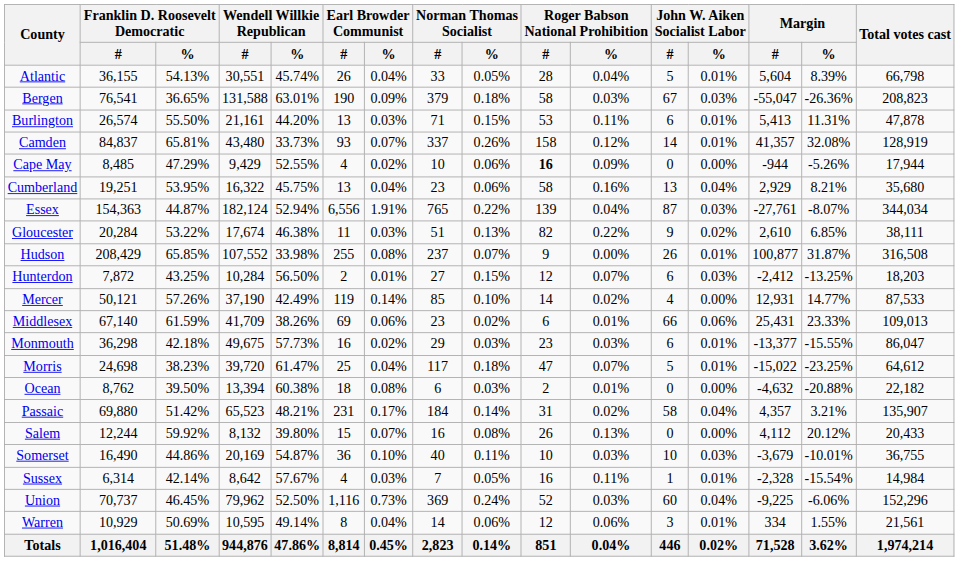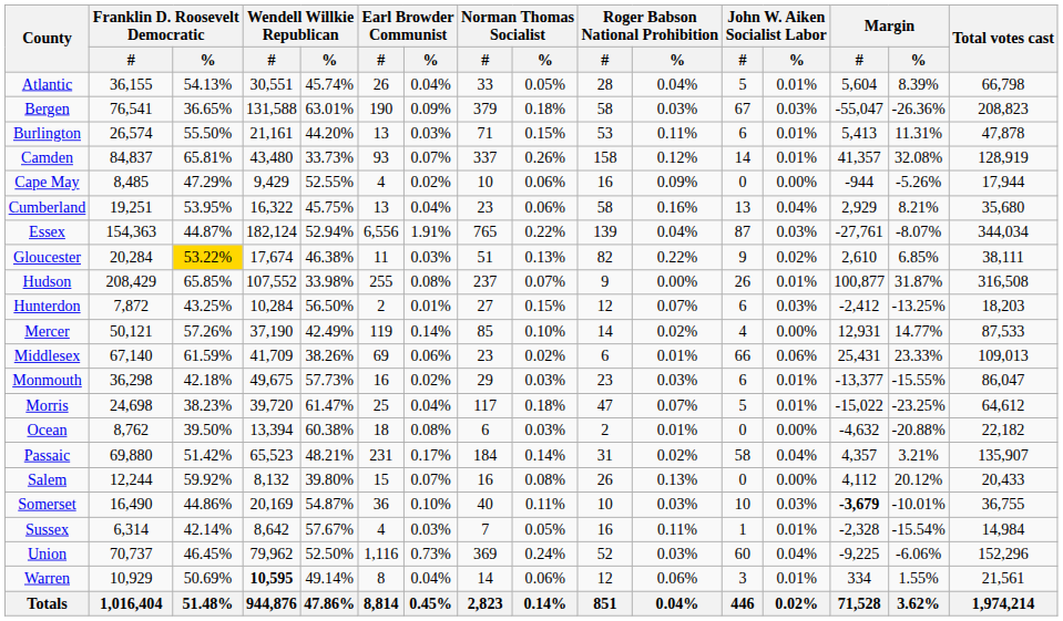 <table class="wikitable sortable">
 <tr>
 <th style="text-align:center;" rowspan="2">County</th>
 <th style="text-align:center;" colspan="2">Franklin D. Roosevelt<br>Democratic</th>
 <th style="text-align:center;" colspan="2">Wendell Willkie<br>Republican</th>
 <th style="text-align:center;" colspan="2">Earl Browder<br>Communist</th>
 <th style="text-align:center;" colspan="2">Norman Thomas<br>Socialist</th>
 <th style="text-align:center;" colspan="2">Roger Babson<br>National Prohibition</th>
 <th style="text-align:center;" colspan="2">John W. Aiken<br>Socialist Labor</th>
 <th style="text-align:center;" colspan="2">Margin</th>
 <th style="text-align:center;" rowspan="2">Total votes cast</th>
 </tr>
 <tr>
 <th data-sort-type="number">#</th>
 <th data-sort-type="number">%</th>
 <th data-sort-type="number">#</th>
 <th data-sort-type="number">%</th>
 <th data-sort-type="number">#</th>
 <th data-sort-type="number">%</th>
 <th data-sort-type="number">#</th>
 <th data-sort-type="number">%</th>
 <th data-sort-type="number">#</th>
 <th data-sort-type="number">%</th>
 <th data-sort-type="number">#</th>
 <th data-sort-type="number">%</th>
 <th data-sort-type="number">#</th>
 <th data-sort-type="number">%</th>
 </tr>
 <tr style="text-align:center;">
 <td><a href='#'>Atlantic</a></td>
 <td>36,155</td>
 <td>54.13%</td>
 <td>30,551</td>
 <td>45.74%</td>
 <td>26</td>
 <td>0.04%</td>
 <td>33</td>
 <td>0.05%</td>
 <td>28</td>
 <td>0.04%</td>
 <td>5</td>
 <td>0.01%</td>
 <td>5,604</td>
 <td>8.39%</td>
 <td>66,798</td>
 </tr>
 <tr style="text-align:center;">
 <td><a href='#'>Bergen</a></td>
 <td>76,541</td>
 <td>36.65%</td>
 <td>131,588</td>
 <td>63.01%</td>
 <td>190</td>
 <td>0.09%</td>
 <td>379</td>
 <td>0.18%</td>
 <td>58</td>
 <td>0.03%</td>
 <td>67</td>
 <td>0.03%</td>
 <td>-55,047</td>
 <td>-26.36%</td>
 <td>208,823</td>
 </tr>
 <tr style="text-align:center;">
 <td><a href='#'>Burlington</a></td>
 <td>26,574</td>
 <td>55.50%</td>
 <td>21,161</td>
 <td>44.20%</td>
 <td>13</td>
 <td>0.03%</td>
 <td>71</td>
 <td>0.15%</td>
 <td>53</td>
 <td>0.11%</td>
 <td>6</td>
 <td>0.01%</td>
 <td>5,413</td>
 <td>11.31%</td>
 <td>47,878</td>
 </tr>
 <tr style="text-align:center;">
 <td><a href='#'>Camden</a></td>
 <td>84,837</td>
 <td>65.81%</td>
 <td>43,480</td>
 <td>33.73%</td>
 <td>93</td>
 <td>0.07%</td>
 <td>337</td>
 <td>0.26%</td>
 <td>158</td>
 <td>0.12%</td>
 <td>14</td>
 <td>0.01%</td>
 <td>41,357</td>
 <td>32.08%</td>
 <td>128,919</td>
 </tr>
 <tr style="text-align:center;">
 <td><a href='#'>Cape May</a></td>
 <td>8,485</td>
 <td>47.29%</td>
 <td>9,429</td>
 <td>52.55%</td>
 <td>4</td>
 <td>0.02%</td>
 <td>10</td>
 <td>0.06%</td>
-<td><strong>16</strong></td>
+<td>16</td>
 <td>0.09%</td>
 <td>0</td>
 <td>0.00%</td>
 <td>-944</td>
 <td>-5.26%</td>
 <td>17,944</td>
 </tr>
 <tr style="text-align:center;">
 <td><a href='#'>Cumberland</a></td>
 <td>19,251</td>
 <td>53.95%</td>
 <td>16,322</td>
 <td>45.75%</td>
 <td>13</td>
 <td>0.04%</td>
 <td>23</td>
 <td>0.06%</td>
 <td>58</td>
 <td>0.16%</td>
 <td>13</td>
 <td>0.04%</td>
 <td>2,929</td>
 <td>8.21%</td>
 <td>35,680</td>
 </tr>
 <tr style="text-align:center;">
 <td><a href='#'>Essex</a></td>
 <td>154,363</td>
 <td>44.87%</td>
 <td>182,124</td>
 <td>52.94%</td>
 <td>6,556</td>
 <td>1.91%</td>
 <td>765</td>
 <td>0.22%</td>
 <td>139</td>
 <td>0.04%</td>
 <td>87</td>
 <td>0.03%</td>
 <td>-27,761</td>
 <td>-8.07%</td>
 <td>344,034</td>
 </tr>
 <tr style="text-align:center;">
 <td><a href='#'>Gloucester</a></td>
 <td>20,284</td>
-<td>53.22%</td>
+<td style="background: gold;">53.22%</td>
 <td>17,674</td>
 <td>46.38%</td>
 <td>11</td>
 <td>0.03%</td>
 <td>51</td>
 <td>0.13%</td>
 <td>82</td>
 <td>0.22%</td>
 <td>9</td>
 <td>0.02%</td>
 <td>2,610</td>
 <td>6.85%</td>
 <td>38,111</td>
 </tr>
 <tr style="text-align:center;">
 <td><a href='#'>Hudson</a></td>
 <td>208,429</td>
 <td>65.85%</td>
 <td>107,552</td>
 <td>33.98%</td>
 <td>255</td>
 <td>0.08%</td>
 <td>237</td>
 <td>0.07%</td>
 <td>9</td>
 <td>0.00%</td>
 <td>26</td>
 <td>0.01%</td>
 <td>100,877</td>
 <td>31.87%</td>
 <td>316,508</td>
 </tr>
 <tr style="text-align:center;">
 <td><a href='#'>Hunterdon</a></td>
 <td>7,872</td>
 <td>43.25%</td>
 <td>10,284</td>
 <td>56.50%</td>
 <td>2</td>
 <td>0.01%</td>
 <td>27</td>
 <td>0.15%</td>
 <td>12</td>
 <td>0.07%</td>
 <td>6</td>
 <td>0.03%</td>
 <td>-2,412</td>
 <td>-13.25%</td>
 <td>18,203</td>
 </tr>
 <tr style="text-align:center;">
 <td><a href='#'>Mercer</a></td>
 <td>50,121</td>
 <td>57.26%</td>
 <td>37,190</td>
 <td>42.49%</td>
 <td>119</td>
 <td>0.14%</td>
 <td>85</td>
 <td>0.10%</td>
 <td>14</td>
 <td>0.02%</td>
 <td>4</td>
 <td>0.00%</td>
 <td>12,931</td>
 <td>14.77%</td>
 <td>87,533</td>
 </tr>
 <tr style="text-align:center;">
 <td><a href='#'>Middlesex</a></td>
 <td>67,140</td>
 <td>61.59%</td>
 <td>41,709</td>
 <td>38.26%</td>
 <td>69</td>
 <td>0.06%</td>
 <td>23</td>
 <td>0.02%</td>
 <td>6</td>
 <td>0.01%</td>
 <td>66</td>
 <td>0.06%</td>
 <td>25,431</td>
 <td>23.33%</td>
 <td>109,013</td>
 </tr>
 <tr style="text-align:center;">
 <td><a href='#'>Monmouth</a></td>
 <td>36,298</td>
 <td>42.18%</td>
 <td>49,675</td>
 <td>57.73%</td>
 <td>16</td>
 <td>0.02%</td>
 <td>29</td>
 <td>0.03%</td>
 <td>23</td>
 <td>0.03%</td>
 <td>6</td>
 <td>0.01%</td>
 <td>-13,377</td>
 <td>-15.55%</td>
 <td>86,047</td>
 </tr>
 <tr style="text-align:center;">
 <td><a href='#'>Morris</a></td>
 <td>24,698</td>
 <td>38.23%</td>
 <td>39,720</td>
 <td>61.47%</td>
 <td>25</td>
 <td>0.04%</td>
 <td>117</td>
 <td>0.18%</td>
 <td>47</td>
 <td>0.07%</td>
 <td>5</td>
 <td>0.01%</td>
 <td>-15,022</td>
 <td>-23.25%</td>
 <td>64,612</td>
 </tr>
 <tr style="text-align:center;">
 <td><a href='#'>Ocean</a></td>
 <td>8,762</td>
 <td>39.50%</td>
 <td>13,394</td>
 <td>60.38%</td>
 <td>18</td>
 <td>0.08%</td>
 <td>6</td>
 <td>0.03%</td>
 <td>2</td>
 <td>0.01%</td>
 <td>0</td>
 <td>0.00%</td>
 <td>-4,632</td>
 <td>-20.88%</td>
 <td>22,182</td>
 </tr>
 <tr style="text-align:center;">
 <td><a href='#'>Passaic</a></td>
 <td>69,880</td>
 <td>51.42%</td>
 <td>65,523</td>
 <td>48.21%</td>
 <td>231</td>
 <td>0.17%</td>
 <td>184</td>
 <td>0.14%</td>
 <td>31</td>
 <td>0.02%</td>
 <td>58</td>
 <td>0.04%</td>
 <td>4,357</td>
 <td>3.21%</td>
 <td>135,907</td>
 </tr>
 <tr style="text-align:center;">
 <td><a href='#'>Salem</a></td>
 <td>12,244</td>
 <td>59.92%</td>
 <td>8,132</td>
 <td>39.80%</td>
 <td>15</td>
 <td>0.07%</td>
 <td>16</td>
 <td>0.08%</td>
 <td>26</td>
 <td>0.13%</td>
 <td>0</td>
 <td>0.00%</td>
 <td>4,112</td>
 <td>20.12%</td>
 <td>20,433</td>
 </tr>
 <tr style="text-align:center;">
 <td><a href='#'>Somerset</a></td>
 <td>16,490</td>
 <td>44.86%</td>
 <td>20,169</td>
 <td>54.87%</td>
 <td>36</td>
 <td>0.10%</td>
 <td>40</td>
 <td>0.11%</td>
 <td>10</td>
 <td>0.03%</td>
 <td>10</td>
 <td>0.03%</td>
-<td>-3,679</td>
+<td><strong>-3,679</strong></td>
 <td>-10.01%</td>
 <td>36,755</td>
 </tr>
 <tr style="text-align:center;">
 <td><a href='#'>Sussex</a></td>
 <td>6,314</td>
 <td>42.14%</td>
 <td>8,642</td>
 <td>57.67%</td>
 <td>4</td>
 <td>0.03%</td>
 <td>7</td>
 <td>0.05%</td>
 <td>16</td>
 <td>0.11%</td>
 <td>1</td>
 <td>0.01%</td>
 <td>-2,328</td>
 <td>-15.54%</td>
 <td>14,984</td>
 </tr>
 <tr style="text-align:center;">
 <td><a href='#'>Union</a></td>
 <td>70,737</td>
 <td>46.45%</td>
 <td>79,962</td>
 <td>52.50%</td>
 <td>1,116</td>
 <td>0.73%</td>
 <td>369</td>
 <td>0.24%</td>
 <td>52</td>
 <td>0.03%</td>
 <td>60</td>
 <td>0.04%</td>
 <td>-9,225</td>
 <td>-6.06%</td>
 <td>152,296</td>
 </tr>
 <tr style="text-align:center;">
 <td><a href='#'>Warren</a></td>
 <td>10,929</td>
 <td>50.69%</td>
-<td>10,595</td>
+<td><strong>10,595</strong></td>
 <td>49.14%</td>
 <td>8</td>
 <td>0.04%</td>
 <td>14</td>
 <td>0.06%</td>
 <td>12</td>
 <td>0.06%</td>
 <td>3</td>
 <td>0.01%</td>
 <td>334</td>
 <td>1.55%</td>
 <td>21,561</td>
 </tr>
 <tr style="text-align:center;">
 <th>Totals</th>
 <th>1,016,404</th>
 <th>51.48%</th>
 <th>944,876</th>
 <th>47.86%</th>
 <th>8,814</th>
 <th>0.45%</th>
 <th>2,823</th>
 <th>0.14%</th>
 <th>851</th>
 <th>0.04%</th>
 <th>446</th>
 <th>0.02%</th>
 <th>71,528</th>
 <th>3.62%</th>
 <th>1,974,214</th>
 </tr>
 </table>
